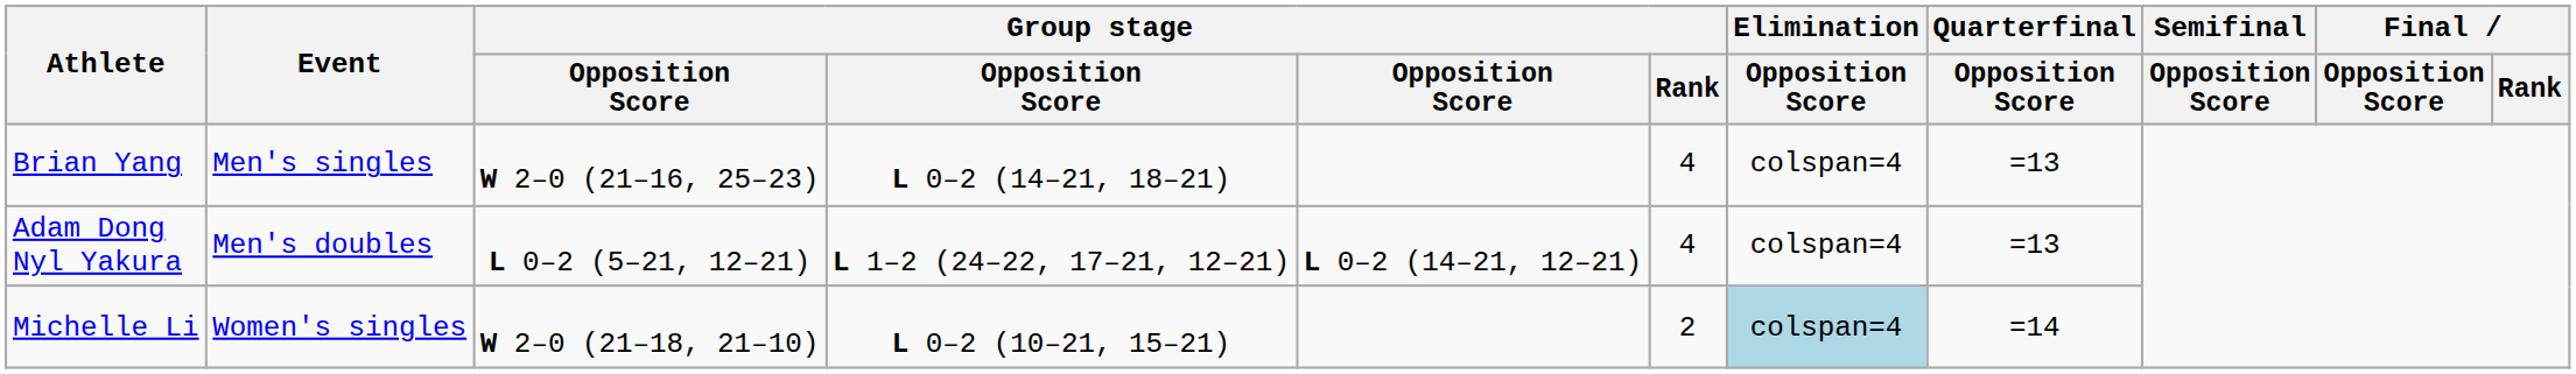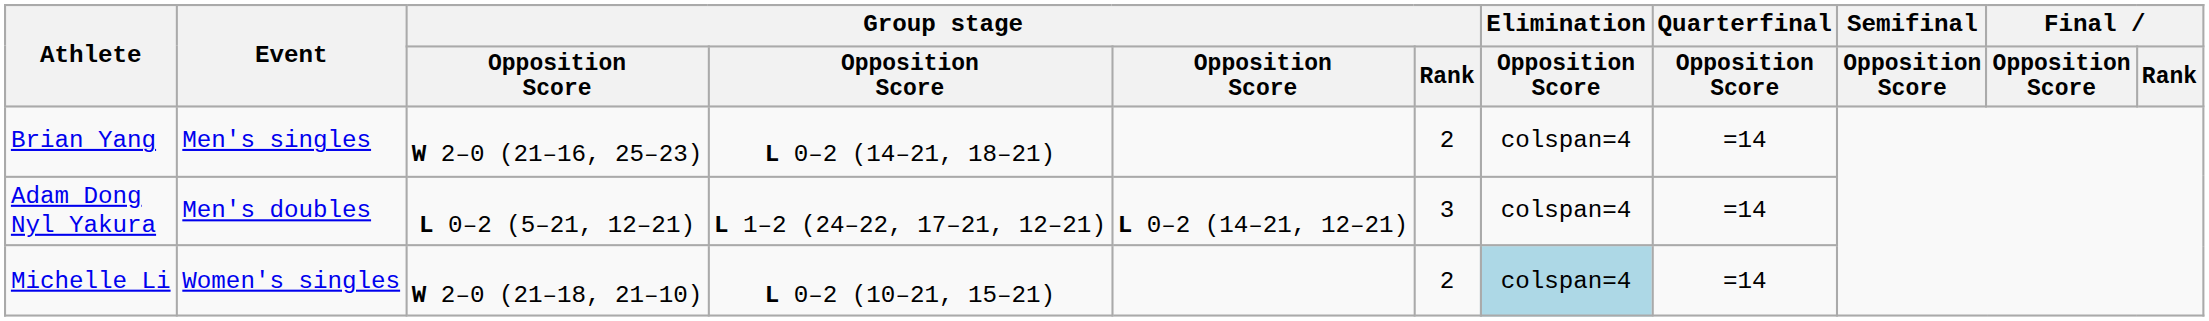 <table class=wikitable style="font-size:90%">
 <tr>
 <th rowspan=2>Athlete</th>
 <th rowspan=2>Event</th>
 <th colspan=4>Group stage</th>
 <th>Elimination</th>
 <th>Quarterfinal</th>
 <th>Semifinal</th>
 <th colspan=2>Final / </th>
 </tr>
 <tr style="font-size:95%">
 <th>Opposition<br>Score</th>
 <th>Opposition<br>Score</th>
 <th>Opposition<br>Score</th>
 <th>Rank</th>
 <th>Opposition<br>Score</th>
 <th>Opposition<br>Score</th>
 <th>Opposition<br>Score</th>
 <th>Opposition<br>Score</th>
 <th>Rank</th>
 </tr>
 <tr align=center>
 <td align=left><a href='#'>Brian Yang</a></td>
 <td align=left><a href='#'>Men's singles</a></td>
 <td><br><strong>W</strong> 2–0 (21–16, 25–23)</td>
 <td><br><strong>L</strong> 0–2 (14–21, 18–21)</td>
 <td></td>
-<td>4</td>
+<td>2</td>
 <td>colspan=4 </td>
-<td>=13</td>
+<td>=14</td>
 </tr>
 <tr align=center>
 <td align=left><a href='#'>Adam Dong</a><br><a href='#'>Nyl Yakura</a></td>
 <td align=left><a href='#'>Men's doubles</a></td>
 <td><br><strong>L</strong> 0–2 (5–21, 12–21)</td>
 <td><br><strong>L</strong> 1–2 (24–22, 17–21, 12–21)</td>
 <td><br><strong>L</strong> 0–2 (14–21, 12–21)</td>
-<td>4</td>
+<td>3</td>
 <td>colspan=4 </td>
-<td>=13</td>
+<td>=14</td>
 </tr>
 <tr align=center>
 <td align=left><a href='#'>Michelle Li</a></td>
 <td align=left><a href='#'>Women's singles</a></td>
 <td><br><strong>W</strong> 2–0 (21–18, 21–10)</td>
 <td><br><strong>L</strong> 0–2 (10–21, 15–21)</td>
 <td></td>
 <td>2</td>
 <td style="background: lightblue;">colspan=4 </td>
 <td>=14</td>
 </tr>
 </table>
